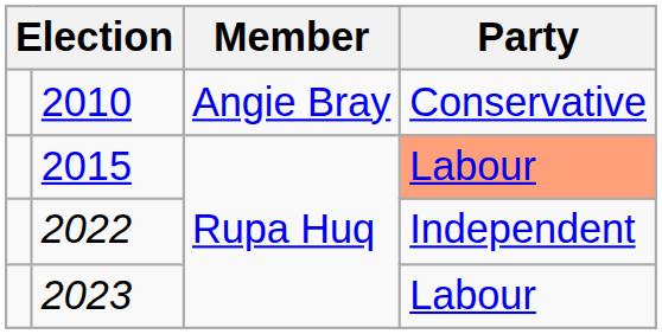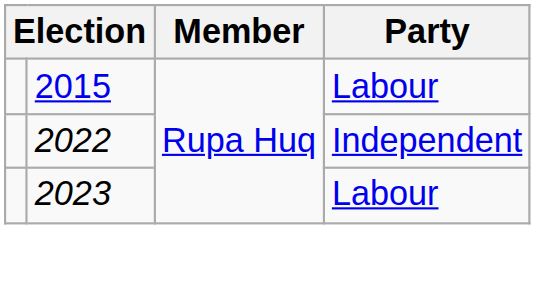 <table class="wikitable">
 <tr>
 <th colspan="2">Election</th>
 <th>Member</th>
 <th>Party</th>
 </tr>
 <tr>
 <td style="color:inherit;background-color: "></td>
-<td><a href='#'>2010</a></td>
-<td><a href='#'>Angie Bray</a></td>
-<td><a href='#'>Conservative</a></td>
-</tr>
-<tr>
-<td style="color:inherit;background-color: "></td>
 <td><a href='#'>2015</a></td>
 <td rowspan=3><a href='#'>Rupa Huq</a></td>
-<td style="background: lightsalmon;"><a href='#'>Labour</a></td>
+<td><a href='#'>Labour</a></td>
 </tr>
 <tr>
 <td style="color:inherit;background-color: "></td>
 <td><em>2022</em></td>
 <td><a href='#'>Independent</a></td>
 </tr>
 <tr>
 <td style="color:inherit;background-color: "></td>
 <td><em>2023</em></td>
 <td><a href='#'>Labour</a></td>
 </tr>
 </table>
